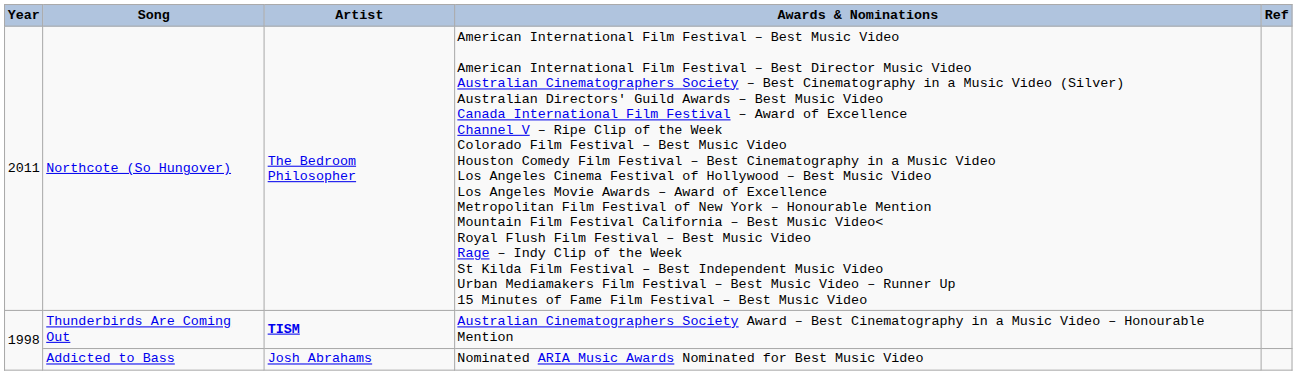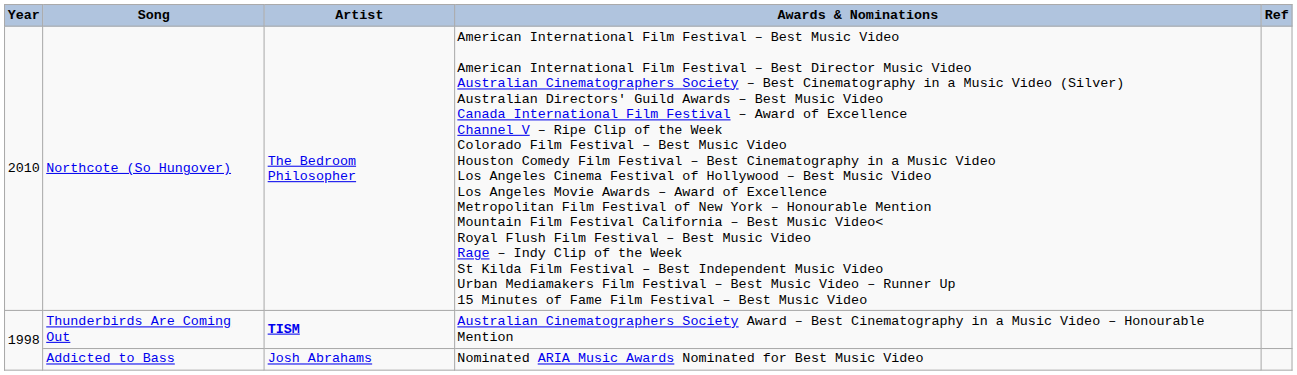 <table class="wikitable">
 <tr>
 <th style="background:#B0C4DE;">Year</th>
 <th style="background:#B0C4DE;">Song</th>
 <th style="background:#B0C4DE;">Artist</th>
 <th style="background:#B0C4DE;">Awards & Nominations</th>
 <th style="background:#B0C4DE;">Ref</th>
 </tr>
 <tr>
-<td>2011</td>
+<td>2010</td>
 <td><a href='#'>Northcote (So Hungover)</a></td>
 <td><a href='#'>The Bedroom Philosopher</a></td>
 <td>American International Film Festival – Best Music Video<br><br>American International Film Festival – Best Director Music Video <br> <a href='#'>Australian Cinematographers Society</a> – Best Cinematography in a Music Video (Silver)<br> Australian Directors' Guild Awards – Best Music Video<br> <a href='#'>Canada International Film Festival</a> – Award of Excellence <br> <a href='#'>Channel V</a> – Ripe Clip of the Week<br> Colorado Film Festival – Best Music Video<br> Houston Comedy Film Festival – Best Cinematography in a Music Video<br> Los Angeles Cinema Festival of Hollywood – Best Music Video<br> Los Angeles Movie Awards – Award of Excellence<br> Metropolitan Film Festival of New York – Honourable Mention<br> Mountain Film Festival California – Best Music Video<<br> Royal Flush Film Festival – Best Music Video<br> <a href='#'>Rage</a> – Indy Clip of the Week<br> St Kilda Film Festival – Best Independent Music Video<br> Urban Mediamakers Film Festival – Best Music Video – Runner Up<br> 15 Minutes of Fame Film Festival – Best Music Video<br></td>
 <td></td>
 </tr>
 <tr>
 <td rowspan="2">1998</td>
 <td><a href='#'>Thunderbirds Are Coming Out</a></td>
 <td><strong><a href='#'>TISM</a></strong></td>
 <td><a href='#'>Australian Cinematographers Society</a> Award – Best Cinematography in a Music Video – Honourable Mention</td>
 <td></td>
 </tr>
 <tr>
 <td><a href='#'>Addicted to Bass</a></td>
 <td><a href='#'>Josh Abrahams</a></td>
 <td>Nominated <a href='#'>ARIA Music Awards</a> Nominated for Best Music Video<br></td>
 <td></td>
 </tr>
 </table>
